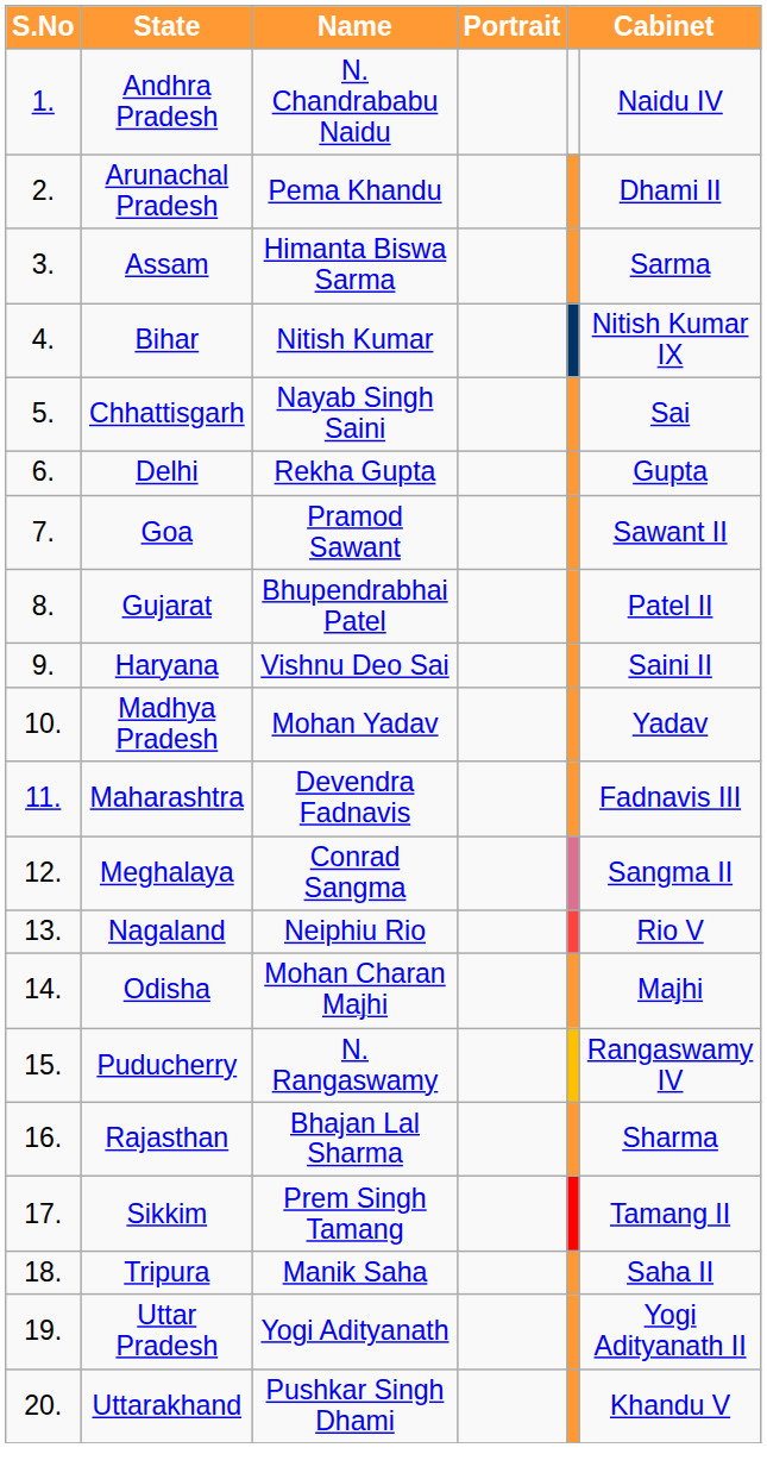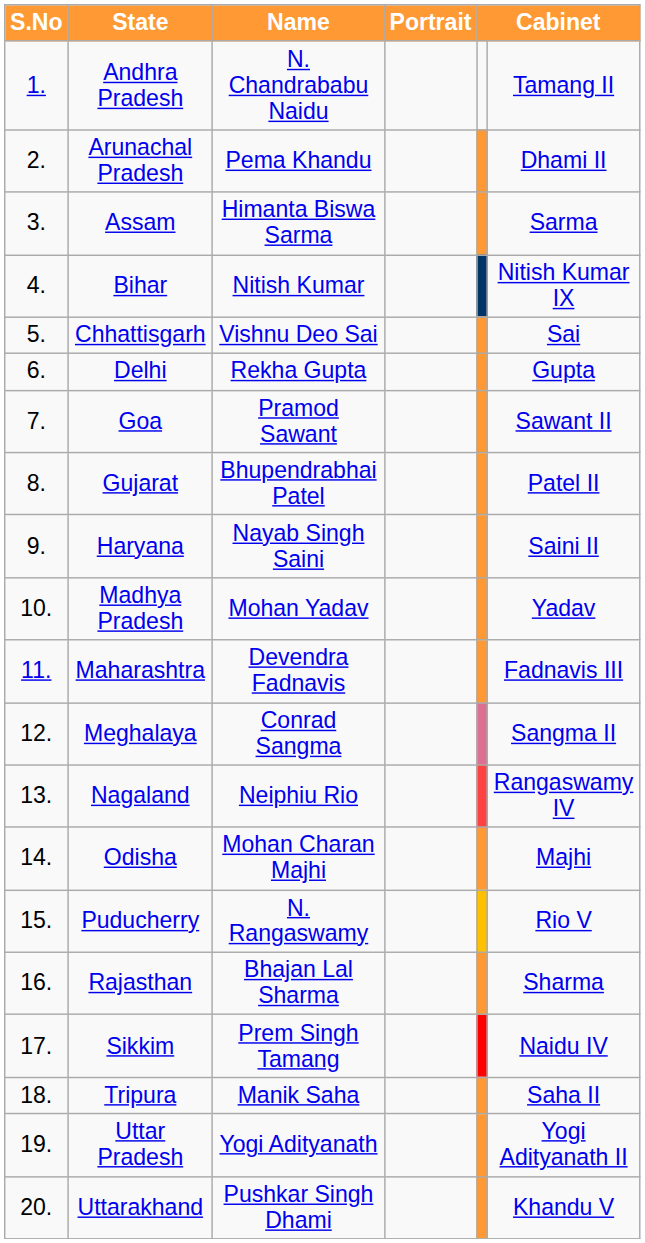 <table class="wikitable sortable" style="text-align:center; width:50%; margin-top:0.5em">
 <tr>
 <th style="background-color:#FF9933; color:white">S.No</th>
 <th style="background-color:#FF9933; color:white">State</th>
 <th style="background-color:#FF9933; color:white">Name</th>
 <th style="background-color:#FF9933; color:white">Portrait</th>
 <th Colspan=2 style="background-color:#FF9933; color:white">Cabinet</th>
 </tr>
 <tr>
 <td><a href='#'>1.</a></td>
 <td><a href='#'>Andhra Pradesh</a></td>
 <td><a href='#'>N. Chandrababu Naidu</a></td>
 <td></td>
 <td style="background-color:"></td>
-<td><a href='#'>Naidu IV</a></td>
+<td><a href='#'>Tamang II</a></td>
 </tr>
 <tr>
 <td>2.</td>
 <td><a href='#'>Arunachal Pradesh</a></td>
 <td><a href='#'>Pema Khandu</a></td>
 <td></td>
 <td bgcolor=#FF9933></td>
 <td><a href='#'>Dhami II</a></td>
 </tr>
 <tr>
 <td>3.</td>
 <td><a href='#'>Assam</a></td>
 <td><a href='#'>Himanta Biswa Sarma</a></td>
 <td></td>
 <td bgcolor=#FF9933></td>
 <td><a href='#'>Sarma</a></td>
 </tr>
 <tr>
 <td>4.</td>
 <td><a href='#'>Bihar</a></td>
 <td><a href='#'>Nitish Kumar</a></td>
 <td></td>
 <td bgcolor=#003366></td>
 <td><a href='#'>Nitish Kumar IX</a></td>
 </tr>
 <tr>
 <td>5.</td>
 <td><a href='#'>Chhattisgarh</a></td>
-<td><a href='#'>Nayab Singh Saini</a></td>
+<td><a href='#'>Vishnu Deo Sai</a></td>
 <td></td>
 <td bgcolor="#FF9933"></td>
 <td><a href='#'>Sai</a></td>
 </tr>
 <tr>
 <td>6.</td>
 <td><a href='#'>Delhi</a></td>
 <td><a href='#'>Rekha Gupta</a></td>
 <td></td>
 <td bgcolor=#FF9933></td>
 <td><a href='#'>Gupta</a></td>
 </tr>
 <tr>
 <td>7.</td>
 <td><a href='#'>Goa</a></td>
 <td><a href='#'>Pramod Sawant</a></td>
 <td></td>
 <td bgcolor=#FF9933></td>
 <td><a href='#'>Sawant II</a></td>
 </tr>
 <tr>
 <td>8.</td>
 <td><a href='#'>Gujarat</a></td>
 <td><a href='#'>Bhupendrabhai Patel</a></td>
 <td></td>
 <td bgcolor=#FF9933></td>
 <td><a href='#'>Patel II</a></td>
 </tr>
 <tr>
 <td>9.</td>
 <td><a href='#'>Haryana</a></td>
-<td><a href='#'>Vishnu Deo Sai</a></td>
+<td><a href='#'>Nayab Singh Saini</a></td>
 <td></td>
 <td bgcolor=#FF9933></td>
 <td><a href='#'>Saini II</a></td>
 </tr>
 <tr>
 <td>10.</td>
 <td><a href='#'>Madhya Pradesh</a></td>
 <td><a href='#'>Mohan Yadav</a></td>
 <td></td>
 <td bgcolor=#FF9933></td>
 <td><a href='#'>Yadav</a></td>
 </tr>
 <tr>
 <td><a href='#'>11.</a></td>
 <td><a href='#'>Maharashtra</a></td>
 <td><a href='#'>Devendra Fadnavis</a></td>
 <td></td>
 <td bgcolor=#FF9933></td>
 <td><a href='#'>Fadnavis III</a></td>
 </tr>
 <tr>
 <td>12.</td>
 <td><a href='#'>Meghalaya</a></td>
 <td><a href='#'>Conrad Sangma</a></td>
 <td></td>
 <td bgcolor=#DB7093></td>
 <td><a href='#'>Sangma II</a></td>
 </tr>
 <tr>
 <td>13.</td>
 <td><a href='#'>Nagaland</a></td>
 <td><a href='#'>Neiphiu Rio</a></td>
 <td></td>
 <td bgcolor="#FD4242"></td>
-<td><a href='#'>Rio V</a></td>
+<td><a href='#'>Rangaswamy IV</a></td>
 </tr>
 <tr>
 <td>14.</td>
 <td><a href='#'>Odisha</a></td>
 <td><a href='#'>Mohan Charan Majhi</a></td>
 <td></td>
 <td bgcolor="#FF9933"></td>
 <td><a href='#'>Majhi</a></td>
 </tr>
 <tr>
 <td>15.</td>
 <td><a href='#'>Puducherry</a></td>
 <td><a href='#'>N. Rangaswamy</a></td>
 <td></td>
 <td bgcolor="#FFC000"></td>
-<td><a href='#'>Rangaswamy IV</a></td>
+<td><a href='#'>Rio V</a></td>
 </tr>
 <tr>
 <td>16.</td>
 <td><a href='#'>Rajasthan</a></td>
 <td><a href='#'>Bhajan Lal Sharma</a></td>
 <td></td>
 <td bgcolor="#FF9933"></td>
 <td><a href='#'>Sharma</a></td>
 </tr>
 <tr>
 <td>17.</td>
 <td><a href='#'>Sikkim</a></td>
 <td><a href='#'>Prem Singh Tamang</a></td>
 <td></td>
 <td bgcolor=#FF0000></td>
-<td><a href='#'>Tamang II</a></td>
+<td><a href='#'>Naidu IV</a></td>
 </tr>
 <tr>
 <td>18.</td>
 <td><a href='#'>Tripura</a></td>
 <td><a href='#'>Manik Saha</a></td>
 <td></td>
 <td bgcolor="#FF9933"></td>
 <td><a href='#'>Saha II</a></td>
 </tr>
 <tr>
 <td>19.</td>
 <td><a href='#'>Uttar Pradesh</a></td>
 <td><a href='#'>Yogi Adityanath</a></td>
 <td></td>
 <td bgcolor="#FF9933"></td>
 <td><a href='#'>Yogi Adityanath II</a></td>
 </tr>
 <tr>
 <td>20.</td>
 <td><a href='#'>Uttarakhand</a></td>
 <td><a href='#'>Pushkar Singh Dhami</a></td>
 <td></td>
 <td bgcolor="#FF9933"></td>
 <td><a href='#'>Khandu V</a></td>
 </tr>
 </table>
